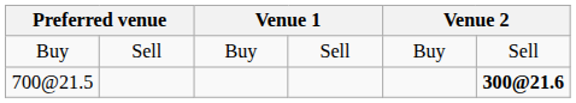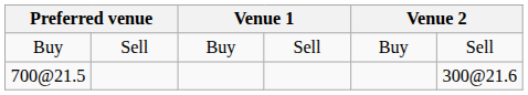 <table class="wikitable" style="text-align:center">
 <tr>
 <th colspan="2">Preferred venue</th>
 <th colspan="2">Venue 1</th>
 <th colspan="2">Venue 2</th>
 </tr>
 <tr>
 <td>Buy</td>
 <td>Sell</td>
 <td>Buy</td>
 <td>Sell</td>
 <td>Buy</td>
 <td>Sell</td>
 </tr>
 <tr>
 <td style="width:70px">700@21.5</td>
 <td style="width:70px"></td>
 <td style="width:70px"></td>
 <td style="width:70px"></td>
 <td style="width:70px"></td>
-<td style="width:70px"><strong>300@21.6</strong></td>
+<td style="width:70px">300@21.6</td>
 </tr>
 </table>
